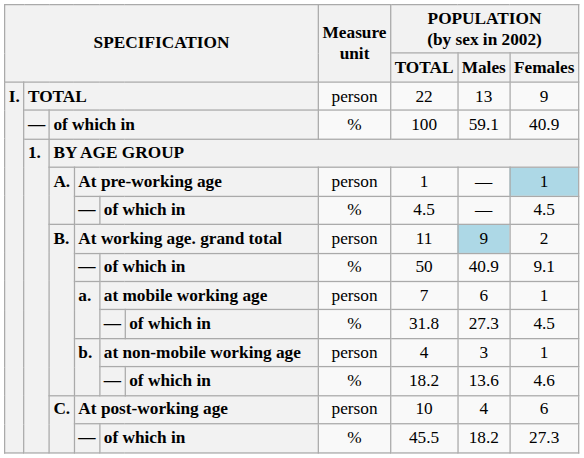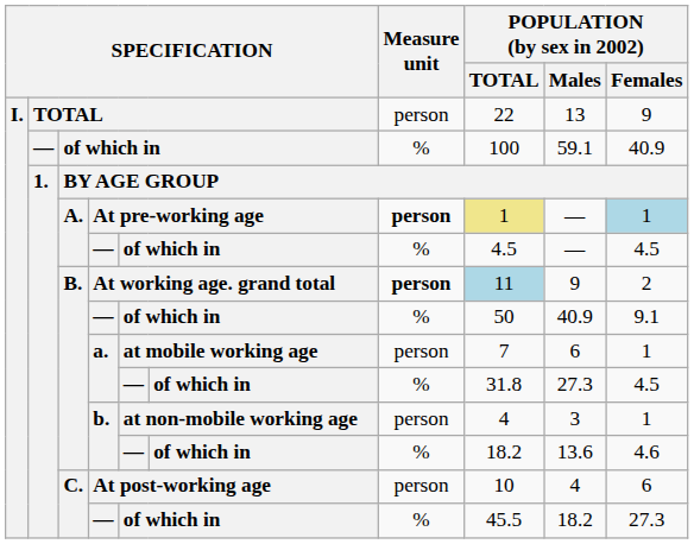 <table class="wikitable" style="font-size:85%; text-align:center">
 <tr>
 <th rowspan="2" colspan="6">SPECIFICATION</th>
 <th rowspan="2">Measure<br> unit</th>
 <th colspan="3" rowspan="1">POPULATION<br> (by sex in 2002)</th>
 </tr>
 <tr>
 <th>TOTAL</th>
 <th>Males</th>
 <th>Females</th>
 </tr>
 <tr>
 <th style="text-align:left" valign="top" rowspan="13">I.</th>
 <th style="text-align:left" colspan="5">TOTAL</th>
 <td>person</td>
 <td>22</td>
 <td>13</td>
 <td>9</td>
 </tr>
 <tr>
 <th style="text-align:left" valign="top">—</th>
 <th style="text-align:left" colspan="4">of which in</th>
 <td>%</td>
 <td>100</td>
 <td>59.1</td>
 <td>40.9</td>
 </tr>
 <tr>
 <th style="text-align:left" valign="top" rowspan="11">1.</th>
 <th style="text-align:left" colspan="19">BY AGE GROUP</th>
 </tr>
 <tr>
 <th style="text-align:left" valign="top" rowspan="2">A.</th>
 <th style="text-align:left" colspan="3">At pre-working age</th>
-<td>person</td>
-<td>1</td>
+<td><strong>person</strong></td>
+<td style="background: khaki;">1</td>
 <td>—</td>
 <td style="background: lightblue;">1</td>
 </tr>
 <tr>
 <th style="text-align:left" valign="top">—</th>
 <th style="text-align:left" valign="top" colspan="2">of which in</th>
 <td>%</td>
 <td>4.5</td>
 <td>—</td>
 <td>4.5</td>
 </tr>
 <tr>
 <th style="text-align:left" valign="top" rowspan="6">B.</th>
 <th style="text-align:left" colspan="3">At working age. grand total</th>
-<td>person</td>
-<td>11</td>
-<td style="background: lightblue;">9</td>
+<td><strong>person</strong></td>
+<td style="background: lightblue;">11</td>
+<td>9</td>
 <td>2</td>
 </tr>
 <tr>
 <th style="text-align:left" valign="top">—</th>
 <th style="text-align:left" valign="top" colspan="2">of which in</th>
 <td>%</td>
 <td>50</td>
 <td>40.9</td>
 <td>9.1</td>
 </tr>
 <tr>
 <th style="text-align:left" valign="top" rowspan="2">a.</th>
 <th style="text-align:left" colspan="2">at mobile working age</th>
 <td>person</td>
 <td>7</td>
 <td>6</td>
 <td>1</td>
 </tr>
 <tr>
 <th style="text-align:left" valign="top">—</th>
 <th style="text-align:left" valign="top" colspan="1">of which in                        </th>
 <td>%</td>
 <td>31.8</td>
 <td>27.3</td>
 <td>4.5</td>
 </tr>
 <tr>
 <th style="text-align:left" valign="top" rowspan="2">b.</th>
 <th style="text-align:left" colspan="2">at non-mobile working age</th>
 <td>person</td>
 <td>4</td>
 <td>3</td>
 <td>1</td>
 </tr>
 <tr>
 <th style="text-align:left" valign="top">—</th>
 <th style="text-align:left" valign="top" colspan="1">of which in                        </th>
 <td>%</td>
 <td>18.2</td>
 <td>13.6</td>
 <td>4.6</td>
 </tr>
 <tr>
 <th style="text-align:left" valign="top" rowspan="2">C.</th>
 <th style="text-align:left" colspan="3">At post-working age</th>
 <td>person</td>
 <td>10</td>
 <td>4</td>
 <td>6</td>
 </tr>
 <tr>
 <th style="text-align:left" valign="top">—</th>
 <th style="text-align:left" valign="top" colspan="2">of which in</th>
 <td>%</td>
 <td>45.5</td>
 <td>18.2</td>
 <td>27.3</td>
 </tr>
 </table>
